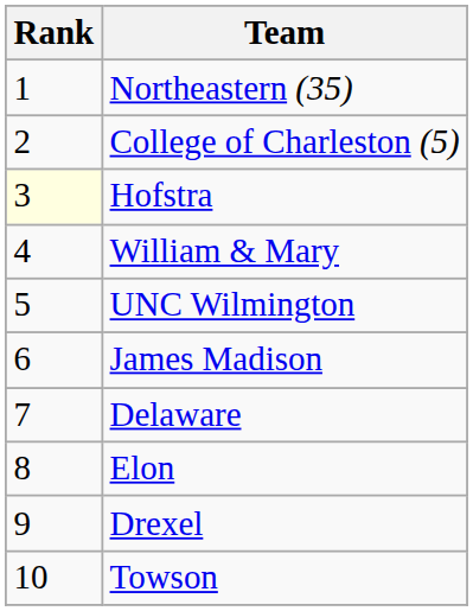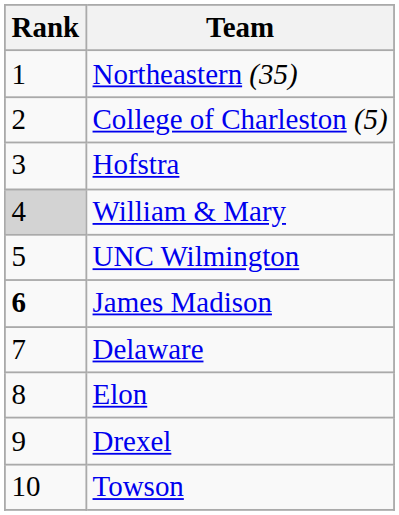 <table class="wikitable">
 <tr>
 <th>Rank</th>
 <th>Team</th>
 </tr>
 <tr>
 <td>1</td>
 <td><a href='#'>Northeastern</a> <em>(35)</em></td>
 </tr>
 <tr>
 <td>2</td>
 <td><a href='#'>College of Charleston</a>  <em>(5)</em></td>
 </tr>
 <tr>
-<td style="background: lightyellow;">3</td>
+<td>3</td>
 <td><a href='#'>Hofstra</a></td>
 </tr>
 <tr>
-<td>4</td>
+<td style="background: lightgrey;">4</td>
 <td><a href='#'>William & Mary</a></td>
 </tr>
 <tr>
 <td>5</td>
 <td><a href='#'>UNC Wilmington</a></td>
 </tr>
 <tr>
-<td>6</td>
+<td><strong>6</strong></td>
 <td><a href='#'>James Madison</a></td>
 </tr>
 <tr>
 <td>7</td>
 <td><a href='#'>Delaware</a></td>
 </tr>
 <tr>
 <td>8</td>
 <td><a href='#'>Elon</a></td>
 </tr>
 <tr>
 <td>9</td>
 <td><a href='#'>Drexel</a></td>
 </tr>
 <tr>
 <td>10</td>
 <td><a href='#'>Towson</a></td>
 </tr>
 </table>
